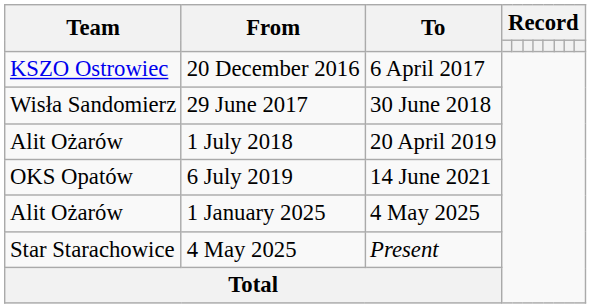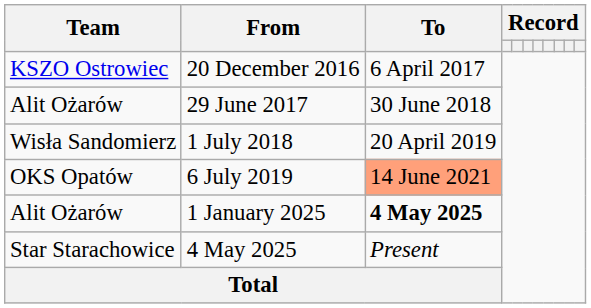 <table class="wikitable" style="text-align: center;">
 <tr>
 <th rowspan="2">Team</th>
 <th rowspan="2">From</th>
 <th rowspan="2">To</th>
 <th colspan="8">Record</th>
 </tr>
 <tr>
 <th></th>
 <th></th>
 <th></th>
 <th></th>
 <th></th>
 <th></th>
 <th></th>
 <th></th>
 </tr>
 <tr>
 <td align=left><a href='#'>KSZO Ostrowiec</a></td>
 <td align=left>20 December 2016</td>
 <td align=left>6 April 2017<br></td>
 </tr>
 <tr>
-<td align=left>Wisła Sandomierz</td>
+<td align=left>Alit Ożarów</td>
 <td align=left>29 June 2017</td>
 <td align=left>30 June 2018<br></td>
 </tr>
 <tr>
-<td align=left>Alit Ożarów</td>
+<td align=left>Wisła Sandomierz</td>
 <td align=left>1 July 2018</td>
 <td align=left>20 April 2019<br></td>
 </tr>
 <tr>
 <td align=left>OKS Opatów</td>
 <td align=left>6 July 2019</td>
-<td align=left>14 June 2021<br></td>
+<td align=left style="background: lightsalmon;">14 June 2021<br></td>
 </tr>
 <tr>
 <td align=left>Alit Ożarów</td>
 <td align=left>1 January 2025</td>
-<td align=left>4 May 2025<br></td>
+<td align=left><strong>4 May 2025<br></strong></td>
 </tr>
 <tr>
 <td align=left>Star Starachowice</td>
 <td align=left>4 May 2025</td>
 <td align=left><em>Present</em><br></td>
 </tr>
 <tr>
 <th colspan="3">Total<br></th>
 </tr>
 </table>
